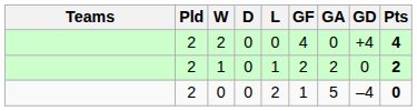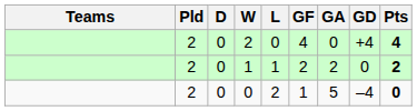 <table class="wikitable" style="text-align: center;">
 <tr>
 <th width=165>Teams</th>
 <th width=20>Pld</th>
+<th width=20>D</th>
 <th width=20>W</th>
-<th width=20>D</th>
 <th width=20>L</th>
 <th width=20>GF</th>
 <th width=20>GA</th>
 <th width=20>GD</th>
 <th width=20>Pts</th>
 </tr>
 <tr align=center style="background:#ccffcc;">
 <td style="text-align:left;"></td>
 <td>2</td>
+<td>0</td>
 <td>2</td>
-<td>0</td>
 <td>0</td>
 <td>4</td>
 <td>0</td>
 <td>+4</td>
 <td><strong>4</strong></td>
 </tr>
 <tr align=center style="background:#ccffcc;">
 <td style="text-align:left;"></td>
 <td>2</td>
+<td>0</td>
 <td>1</td>
-<td>0</td>
 <td>1</td>
 <td>2</td>
 <td>2</td>
 <td>0</td>
 <td><strong>2</strong></td>
 </tr>
 <tr align=center>
 <td style="text-align:left;"></td>
 <td>2</td>
 <td>0</td>
 <td>0</td>
 <td>2</td>
 <td>1</td>
 <td>5</td>
 <td>–4</td>
 <td><strong>0</strong></td>
 </tr>
 </table>
